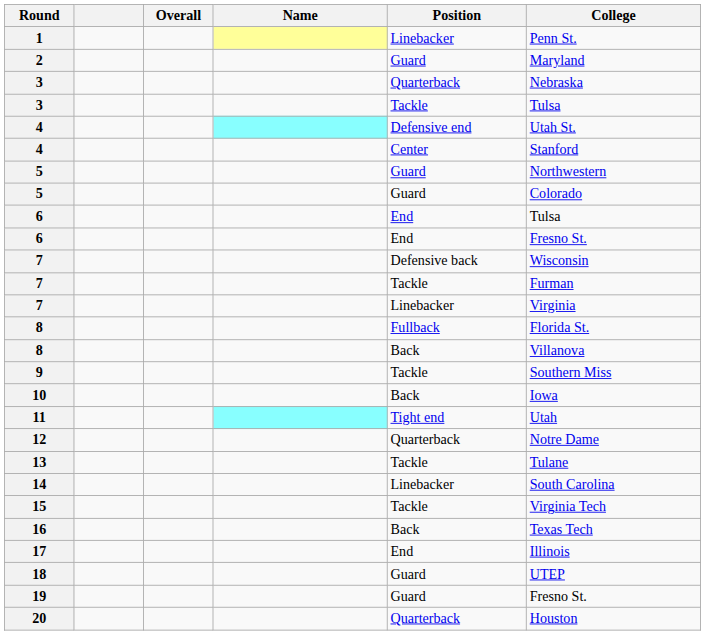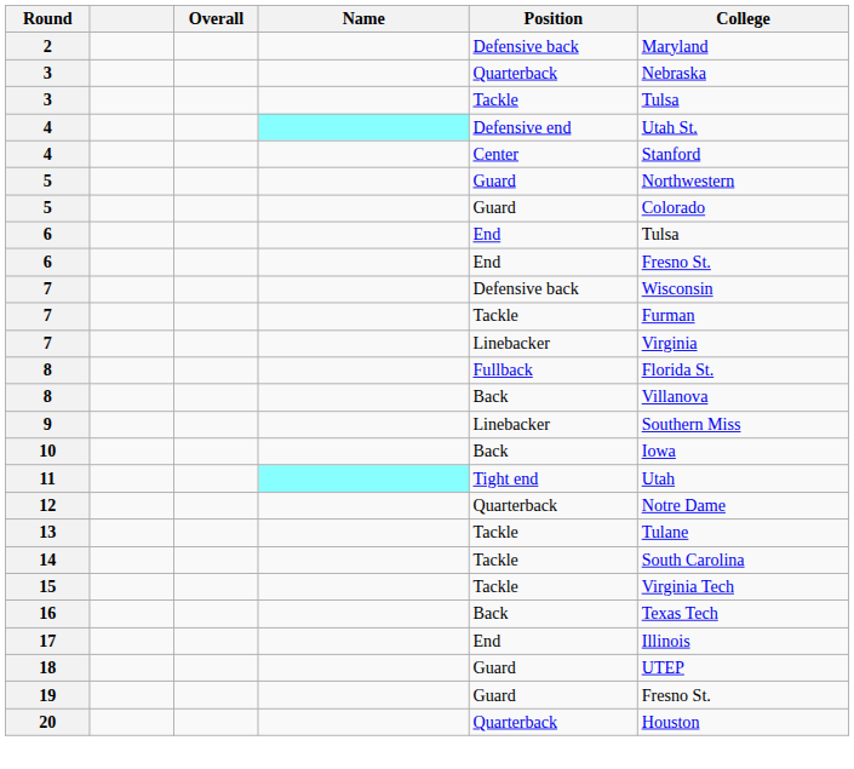 <table class="wikitable sortable" style="width: 50%;">
 <tr>
 <th scope="col" style="width: 10%;">Round</th>
 <th scope="col" style="width: 10%;"></th>
 <th scope="col" style="width: 10%;">Overall</th>
 <th scope="col" style="width: 25%;">Name</th>
 <th scope="col" style="width: 20%;">Position</th>
 <th scope="col" style="width: 25%;">College</th>
 </tr>
 <tr>
-<th scope="row">1</th>
-<td></td>
-<td></td>
-<td style="background:#FFFF99;"> </td>
-<td><a href='#'>Linebacker</a></td>
-<td><a href='#'>Penn St.</a></td>
-</tr>
-<tr>
 <th scope="row">2</th>
 <td></td>
 <td></td>
 <td></td>
-<td><a href='#'>Guard</a></td>
+<td><a href='#'>Defensive back</a></td>
 <td><a href='#'>Maryland</a></td>
 </tr>
 <tr>
 <th scope="row">3</th>
 <td></td>
 <td></td>
 <td></td>
 <td><a href='#'>Quarterback</a></td>
 <td><a href='#'>Nebraska</a></td>
 </tr>
 <tr>
 <th scope="row">3</th>
 <td></td>
 <td></td>
 <td></td>
 <td><a href='#'>Tackle</a></td>
 <td><a href='#'>Tulsa</a></td>
 </tr>
 <tr>
 <th scope="row">4</th>
 <td></td>
 <td></td>
 <td style="background:#88FFFF;"> <sup></sup></td>
 <td><a href='#'>Defensive end</a></td>
 <td><a href='#'>Utah St.</a></td>
 </tr>
 <tr>
 <th scope="row">4</th>
 <td></td>
 <td></td>
 <td></td>
 <td><a href='#'>Center</a></td>
 <td><a href='#'>Stanford</a></td>
 </tr>
 <tr>
 <th scope="row">5</th>
 <td></td>
 <td></td>
 <td></td>
 <td><a href='#'>Guard</a></td>
 <td><a href='#'>Northwestern</a></td>
 </tr>
 <tr>
 <th scope="row">5</th>
 <td></td>
 <td></td>
 <td></td>
 <td>Guard</td>
 <td><a href='#'>Colorado</a></td>
 </tr>
 <tr>
 <th scope="row">6</th>
 <td></td>
 <td></td>
 <td></td>
 <td><a href='#'>End</a></td>
 <td>Tulsa</td>
 </tr>
 <tr>
 <th scope="row">6</th>
 <td></td>
 <td></td>
 <td></td>
 <td>End</td>
 <td><a href='#'>Fresno St.</a></td>
 </tr>
 <tr>
 <th scope="row">7</th>
 <td></td>
 <td></td>
 <td></td>
 <td>Defensive back</td>
 <td><a href='#'>Wisconsin</a></td>
 </tr>
 <tr>
 <th scope="row">7</th>
 <td></td>
 <td></td>
 <td></td>
 <td>Tackle</td>
 <td><a href='#'>Furman</a></td>
 </tr>
 <tr>
 <th scope="row">7</th>
 <td></td>
 <td></td>
 <td></td>
 <td>Linebacker</td>
 <td><a href='#'>Virginia</a></td>
 </tr>
 <tr>
 <th scope="row">8</th>
 <td></td>
 <td></td>
 <td></td>
 <td><a href='#'>Fullback</a></td>
 <td><a href='#'>Florida St.</a></td>
 </tr>
 <tr>
 <th scope="row">8</th>
 <td></td>
 <td></td>
 <td></td>
 <td>Back</td>
 <td><a href='#'>Villanova</a></td>
 </tr>
 <tr>
 <th scope="row">9</th>
 <td></td>
 <td></td>
 <td></td>
-<td>Tackle</td>
+<td>Linebacker</td>
 <td><a href='#'>Southern Miss</a></td>
 </tr>
 <tr>
 <th scope="row">10</th>
 <td></td>
 <td></td>
 <td></td>
 <td>Back</td>
 <td><a href='#'>Iowa</a></td>
 </tr>
 <tr>
 <th scope="row">11</th>
 <td></td>
 <td></td>
 <td style="background:#88FFFF;"> <sup></sup></td>
 <td><a href='#'>Tight end</a></td>
 <td><a href='#'>Utah</a></td>
 </tr>
 <tr>
 <th scope="row">12</th>
 <td></td>
 <td></td>
 <td></td>
 <td>Quarterback</td>
 <td><a href='#'>Notre Dame</a></td>
 </tr>
 <tr>
 <th scope="row">13</th>
 <td></td>
 <td></td>
 <td></td>
 <td>Tackle</td>
 <td><a href='#'>Tulane</a></td>
 </tr>
 <tr>
 <th scope="row">14</th>
 <td></td>
 <td></td>
 <td></td>
-<td>Linebacker</td>
+<td>Tackle</td>
 <td><a href='#'>South Carolina</a></td>
 </tr>
 <tr>
 <th scope="row">15</th>
 <td></td>
 <td></td>
 <td></td>
 <td>Tackle</td>
 <td><a href='#'>Virginia Tech</a></td>
 </tr>
 <tr>
 <th scope="row">16</th>
 <td></td>
 <td></td>
 <td></td>
 <td>Back</td>
 <td><a href='#'>Texas Tech</a></td>
 </tr>
 <tr>
 <th scope="row">17</th>
 <td></td>
 <td></td>
 <td></td>
 <td>End</td>
 <td><a href='#'>Illinois</a></td>
 </tr>
 <tr>
 <th scope="row">18</th>
 <td></td>
 <td></td>
 <td></td>
 <td>Guard</td>
 <td><a href='#'>UTEP</a></td>
 </tr>
 <tr>
 <th scope="row">19</th>
 <td></td>
 <td></td>
 <td></td>
 <td>Guard</td>
 <td>Fresno St.</td>
 </tr>
 <tr>
 <th scope="row">20</th>
 <td></td>
 <td></td>
 <td></td>
 <td><a href='#'>Quarterback</a></td>
 <td><a href='#'>Houston</a></td>
 </tr>
 </table>
